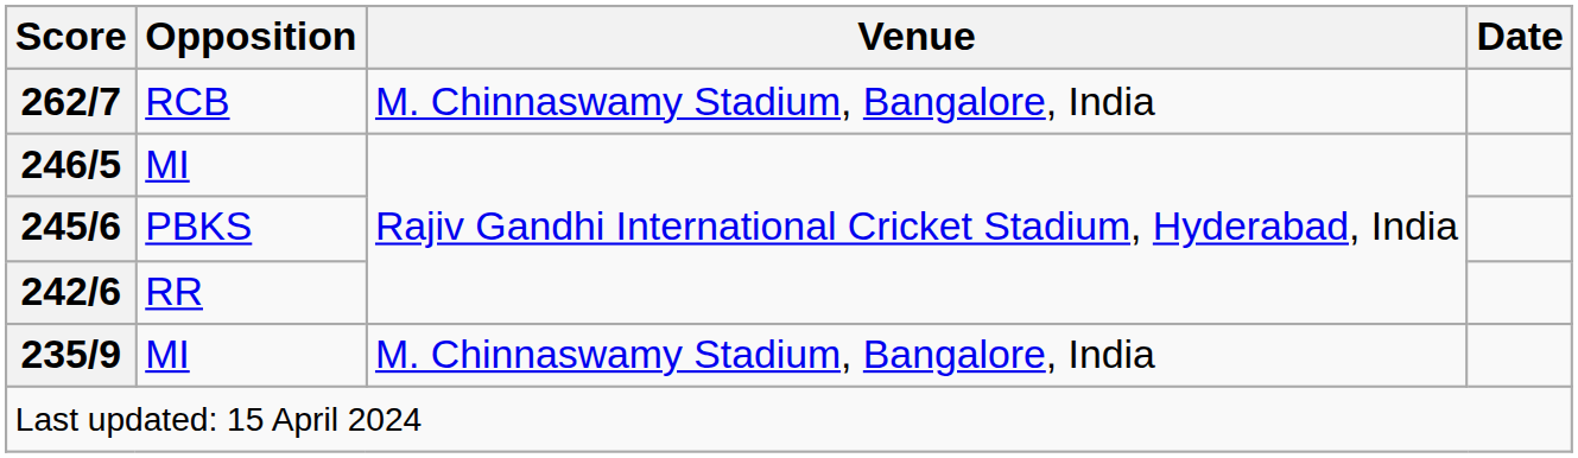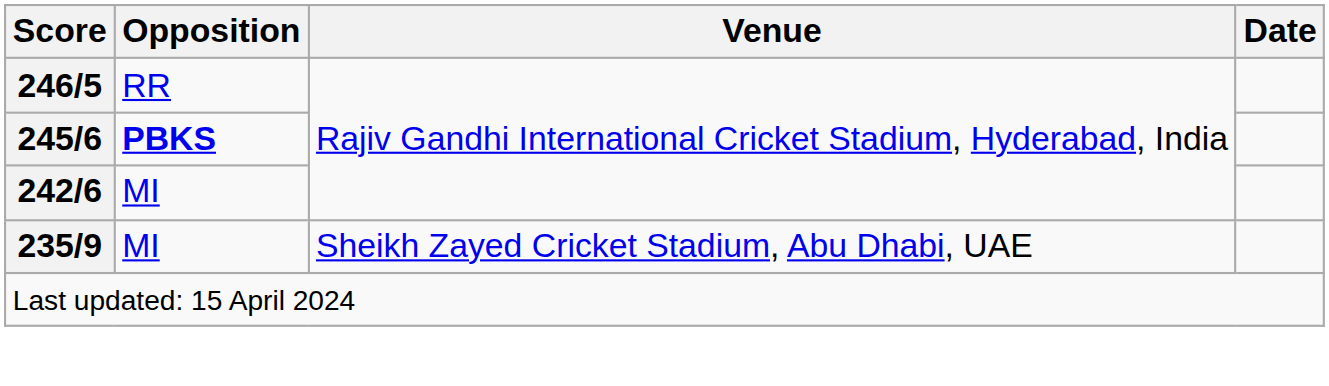 <table class="wikitable">
 <tr>
 <th style="text-align=center;"><strong>Score</strong></th>
 <th style="text-align=center;"><strong>Opposition</strong></th>
 <th style="text-align=center;"><strong>Venue</strong></th>
 <th style="text-align=center;"><strong>Date</strong></th>
 </tr>
 <tr>
-<th>262/7</th>
-<td><a href='#'>RCB</a></td>
-<td><a href='#'>M. Chinnaswamy Stadium</a>, <a href='#'>Bangalore</a>, India</td>
-<td></td>
-</tr>
-<tr>
 <th>246/5</th>
-<td><a href='#'>MI</a></td>
+<td><a href='#'>RR</a></td>
 <td rowspan=3><a href='#'>Rajiv Gandhi International Cricket Stadium</a>, <a href='#'>Hyderabad</a>, India</td>
 <td></td>
 </tr>
 <tr>
 <th>245/6</th>
-<td><a href='#'>PBKS</a></td>
+<td><strong><a href='#'>PBKS</a></strong></td>
 <td></td>
 </tr>
 <tr>
 <th>242/6</th>
-<td><a href='#'>RR</a></td>
+<td><a href='#'>MI</a></td>
 <td></td>
 </tr>
 <tr>
 <th>235/9</th>
 <td><a href='#'>MI</a></td>
-<td><a href='#'>M. Chinnaswamy Stadium</a>, <a href='#'>Bangalore</a>, India</td>
+<td><a href='#'>Sheikh Zayed Cricket Stadium</a>, <a href='#'>Abu Dhabi</a>, UAE</td>
 <td></td>
 </tr>
 <tr class=sortbottom>
 <td colspan="4"><small>Last updated: 15 April 2024</small></td>
 </tr>
 </table>
